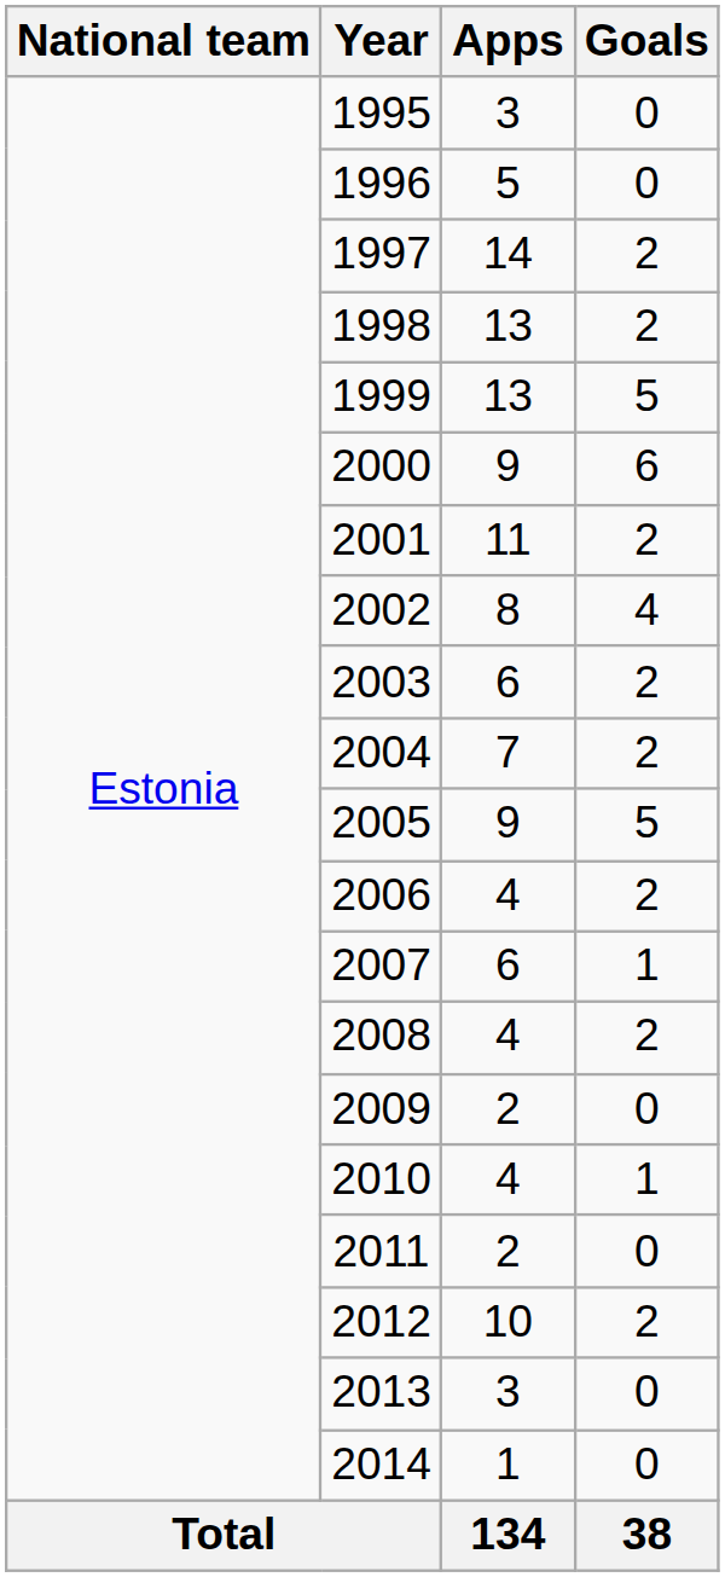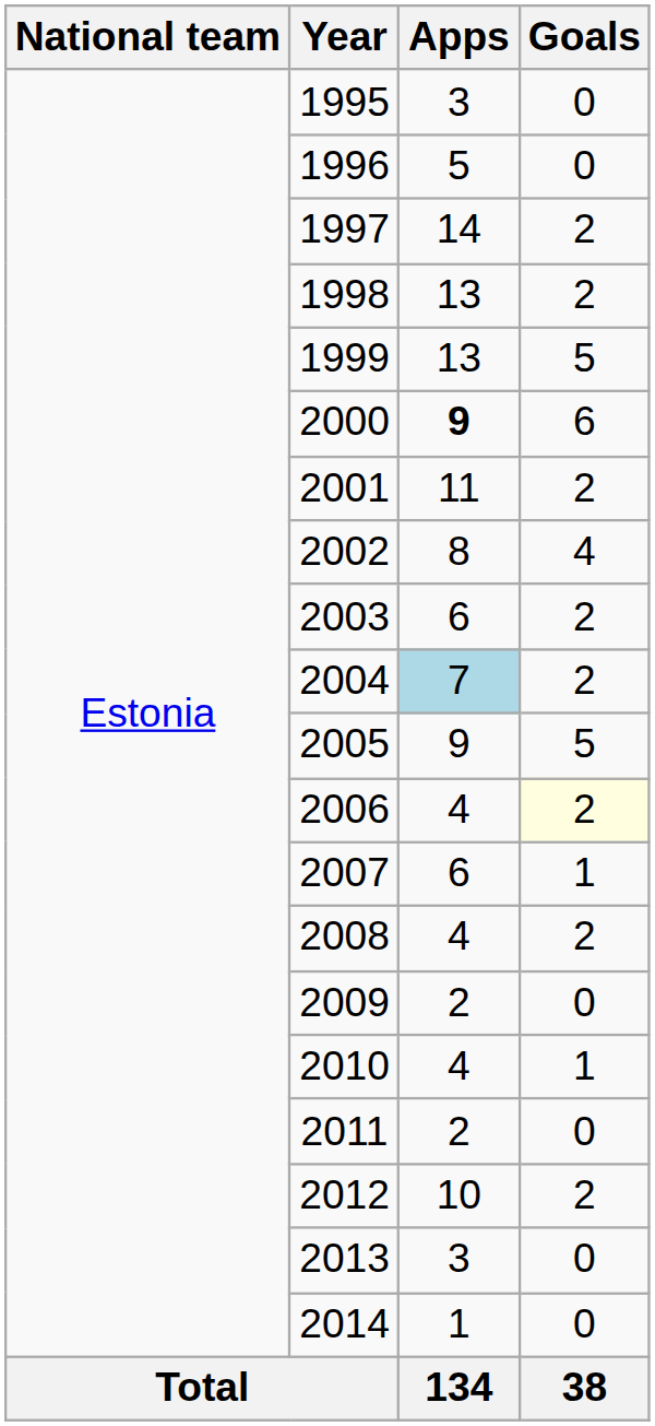 <table class="wikitable" style="text-align:center">
 <tr>
 <th>National team</th>
 <th>Year</th>
 <th>Apps</th>
 <th>Goals</th>
 </tr>
 <tr>
 <td rowspan="20"><a href='#'>Estonia</a></td>
 <td>1995</td>
 <td>3</td>
 <td>0</td>
 </tr>
 <tr>
 <td>1996</td>
 <td>5</td>
 <td>0</td>
 </tr>
 <tr>
 <td>1997</td>
 <td>14</td>
 <td>2</td>
 </tr>
 <tr>
 <td>1998</td>
 <td>13</td>
 <td>2</td>
 </tr>
 <tr>
 <td>1999</td>
 <td>13</td>
 <td>5</td>
 </tr>
 <tr>
 <td>2000</td>
-<td>9</td>
+<td><strong>9</strong></td>
 <td>6</td>
 </tr>
 <tr>
 <td>2001</td>
 <td>11</td>
 <td>2</td>
 </tr>
 <tr>
 <td>2002</td>
 <td>8</td>
 <td>4</td>
 </tr>
 <tr>
 <td>2003</td>
 <td>6</td>
 <td>2</td>
 </tr>
 <tr>
 <td>2004</td>
-<td>7</td>
+<td style="background: lightblue;">7</td>
 <td>2</td>
 </tr>
 <tr>
 <td>2005</td>
 <td>9</td>
 <td>5</td>
 </tr>
 <tr>
 <td>2006</td>
 <td>4</td>
-<td>2</td>
+<td style="background: lightyellow;">2</td>
 </tr>
 <tr>
 <td>2007</td>
 <td>6</td>
 <td>1</td>
 </tr>
 <tr>
 <td>2008</td>
 <td>4</td>
 <td>2</td>
 </tr>
 <tr>
 <td>2009</td>
 <td>2</td>
 <td>0</td>
 </tr>
 <tr>
 <td>2010</td>
 <td>4</td>
 <td>1</td>
 </tr>
 <tr>
 <td>2011</td>
 <td>2</td>
 <td>0</td>
 </tr>
 <tr>
 <td>2012</td>
 <td>10</td>
 <td>2</td>
 </tr>
 <tr>
 <td>2013</td>
 <td>3</td>
 <td>0</td>
 </tr>
 <tr>
 <td>2014</td>
 <td>1</td>
 <td>0</td>
 </tr>
 <tr>
 <th colspan="2">Total</th>
 <th>134</th>
 <th>38</th>
 </tr>
 </table>
